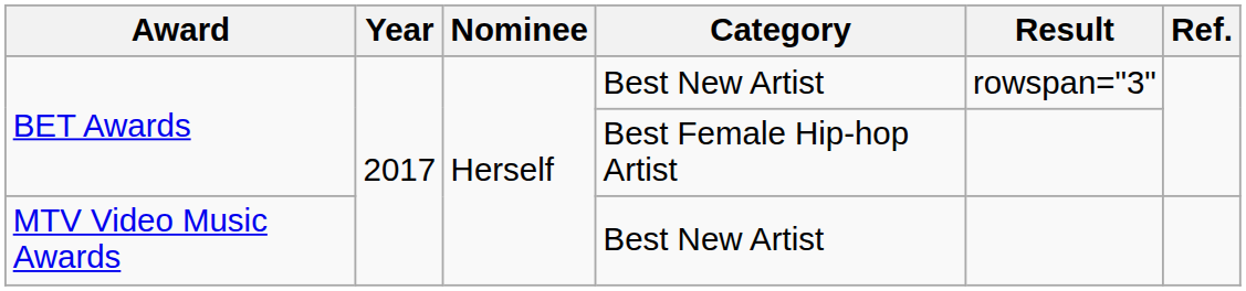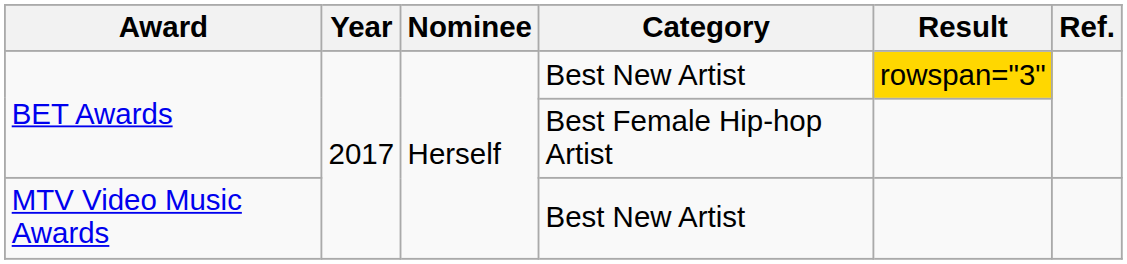 <table class="wikitable">
 <tr>
 <th>Award</th>
 <th>Year</th>
 <th>Nominee</th>
 <th>Category</th>
 <th>Result</th>
 <th>Ref.</th>
 </tr>
 <tr>
 <td rowspan="2"><a href='#'>BET Awards</a></td>
 <td rowspan="3">2017</td>
 <td rowspan="3">Herself</td>
 <td>Best New Artist</td>
-<td>rowspan="3" </td>
+<td style="background: gold;">rowspan="3" </td>
 <td rowspan="2"></td>
 </tr>
 <tr>
 <td>Best Female Hip-hop Artist</td>
 </tr>
 <tr>
 <td><a href='#'>MTV Video Music Awards</a></td>
 <td>Best New Artist</td>
 <td></td>
 </tr>
 </table>
